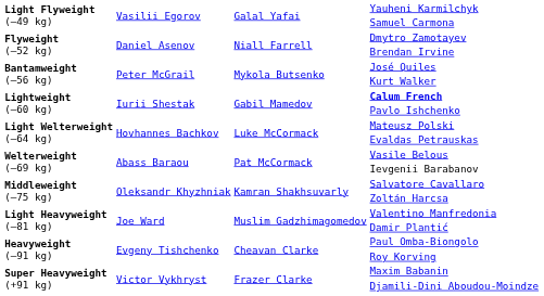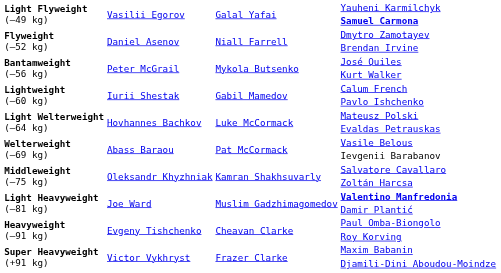 <table>
 <tr>
 <td rowspan=2><strong>Light Flyweight</strong><br>(–49 kg)</td>
 <td rowspan=2><a href='#'>Vasilii Egorov</a><br></td>
 <td rowspan=2><a href='#'>Galal Yafai</a><br></td>
 <td><a href='#'>Yauheni Karmilchyk</a><br></td>
 </tr>
 <tr>
-<td><a href='#'>Samuel Carmona</a><br></td>
+<td><strong><a href='#'>Samuel Carmona</a><br></strong></td>
 </tr>
 <tr>
 <td rowspan=2><strong>Flyweight</strong><br>(–52 kg)</td>
 <td rowspan=2><a href='#'>Daniel Asenov</a><br></td>
 <td rowspan=2><a href='#'>Niall Farrell</a><br></td>
 <td><a href='#'>Dmytro Zamotayev</a><br></td>
 </tr>
 <tr>
 <td><a href='#'>Brendan Irvine</a><br></td>
 </tr>
 <tr>
 <td rowspan=2><strong>Bantamweight</strong><br>(–56 kg)</td>
 <td rowspan=2><a href='#'>Peter McGrail</a><br></td>
 <td rowspan=2><a href='#'>Mykola Butsenko</a><br></td>
 <td><a href='#'>José Quiles</a><br></td>
 </tr>
 <tr>
 <td><a href='#'>Kurt Walker</a><br></td>
 </tr>
 <tr>
 <td rowspan=2><strong>Lightweight</strong><br>(–60 kg)</td>
 <td rowspan=2><a href='#'>Iurii Shestak</a><br></td>
 <td rowspan=2><a href='#'>Gabil Mamedov</a><br></td>
-<td><strong><a href='#'>Calum French</a><br></strong></td>
+<td><a href='#'>Calum French</a><br></td>
 </tr>
 <tr>
 <td><a href='#'>Pavlo Ishchenko</a><br></td>
 </tr>
 <tr>
 <td rowspan=2><strong>Light Welterweight</strong><br>(–64 kg)</td>
 <td rowspan=2><a href='#'>Hovhannes Bachkov</a><br></td>
 <td rowspan=2><a href='#'>Luke McCormack</a><br></td>
 <td><a href='#'>Mateusz Polski</a><br></td>
 </tr>
 <tr>
 <td><a href='#'>Evaldas Petrauskas</a><br></td>
 </tr>
 <tr>
 <td rowspan=2><strong>Welterweight</strong><br>(–69 kg)</td>
 <td rowspan=2><a href='#'>Abass Baraou</a><br></td>
 <td rowspan=2><a href='#'>Pat McCormack</a><br></td>
 <td><a href='#'>Vasile Belous</a><br></td>
 </tr>
 <tr>
 <td>Ievgenii Barabanov<br></td>
 </tr>
 <tr>
 <td rowspan=2><strong>Middleweight</strong><br>(–75 kg)</td>
 <td rowspan=2><a href='#'>Oleksandr Khyzhniak</a><br></td>
 <td rowspan=2><a href='#'>Kamran Shakhsuvarly</a><br></td>
 <td><a href='#'>Salvatore Cavallaro</a><br></td>
 </tr>
 <tr>
 <td><a href='#'>Zoltán Harcsa</a><br></td>
 </tr>
 <tr>
 <td rowspan=2><strong>Light Heavyweight</strong><br>(–81 kg)</td>
 <td rowspan=2><a href='#'>Joe Ward</a><br></td>
 <td rowspan=2><a href='#'>Muslim Gadzhimagomedov</a><br></td>
-<td><a href='#'>Valentino Manfredonia</a><br></td>
+<td><strong><a href='#'>Valentino Manfredonia</a><br></strong></td>
 </tr>
 <tr>
 <td><a href='#'>Damir Plantić</a><br></td>
 </tr>
 <tr>
 <td rowspan=2><strong>Heavyweight</strong><br>(–91 kg)</td>
 <td rowspan=2><a href='#'>Evgeny Tishchenko</a><br></td>
 <td rowspan=2><a href='#'>Cheavan Clarke</a><br></td>
 <td><a href='#'>Paul Omba-Biongolo</a><br></td>
 </tr>
 <tr>
 <td><a href='#'>Roy Korving</a><br></td>
 </tr>
 <tr>
 <td rowspan=2><strong>Super Heavyweight</strong><br>(+91 kg)</td>
 <td rowspan=2><a href='#'>Victor Vykhryst</a><br></td>
 <td rowspan=2><a href='#'>Frazer Clarke</a><br></td>
 <td><a href='#'>Maxim Babanin</a><br></td>
 </tr>
 <tr>
 <td><a href='#'>Djamili-Dini Aboudou-Moindze</a><br></td>
 </tr>
 </table>
